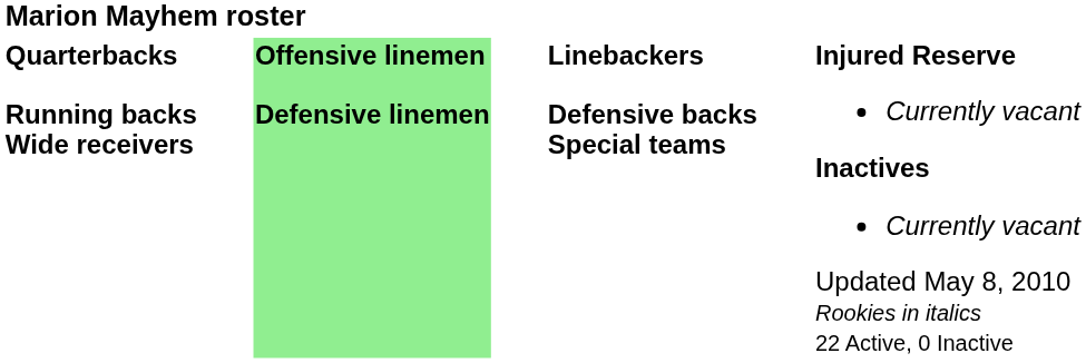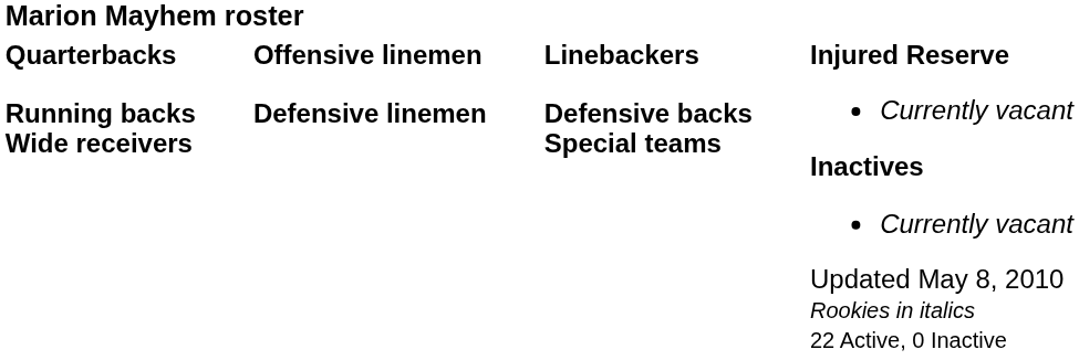 <table class="toccolours" style="text-align: left;">
 <tr>
 <th colspan="7"><strong>Marion Mayhem roster</strong></th>
 </tr>
 <tr>
 <td style="font-size: 95%;vertical-align:top;"><strong>Quarterbacks</strong><br><br><strong>Running backs</strong>  <br><strong>Wide receivers</strong>     </td>
 <td style="width: 25px;"></td>
-<td style="background: lightgreen; font-size: 95%;vertical-align:top;"><strong>Offensive linemen</strong><br>   <br><strong>Defensive linemen</strong>     </td>
+<td style="font-size: 95%;vertical-align:top;"><strong>Offensive linemen</strong><br>   <br><strong>Defensive linemen</strong>     </td>
 <td style="width: 25px;"></td>
 <td style="font-size: 95%;vertical-align:top;"><strong>Linebackers</strong><br><br><strong>Defensive backs</strong>     <br><strong>Special teams</strong> </td>
 <td style="width: 25px;"></td>
 <td style="font-size: 95%;vertical-align:top;"><strong>Injured Reserve</strong><br><ul><li><em>Currently vacant</em></li></ul><strong>Inactives</strong><ul><li><em>Currently vacant</em></li></ul>Updated May 8, 2010<br><small><em>Rookies in italics</em><br> 22 Active, 0 Inactive</small></td>
 </tr>
 </table>
